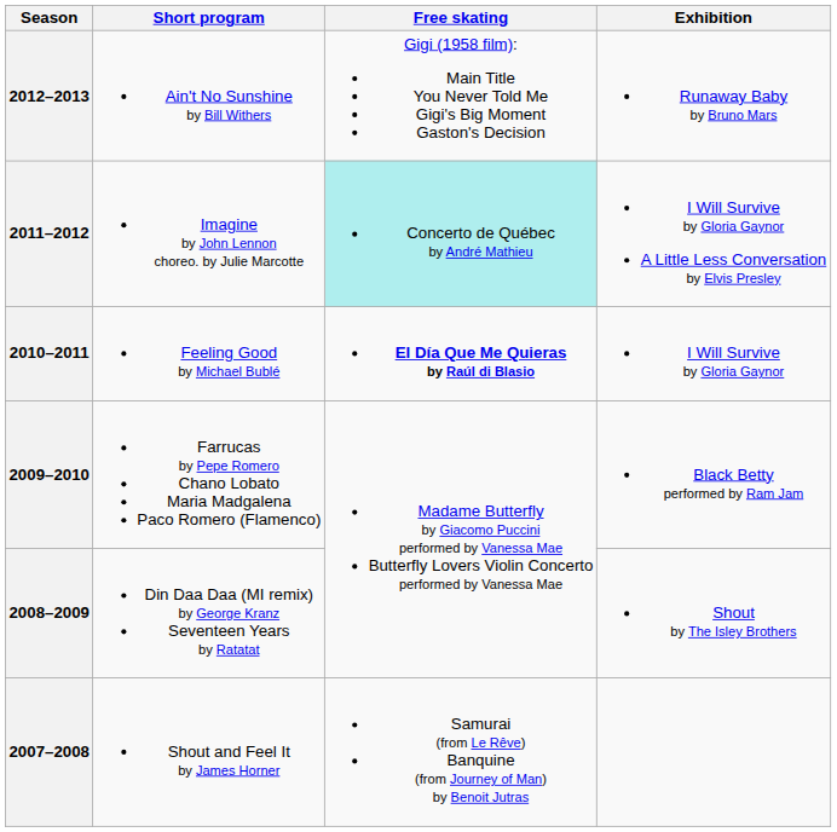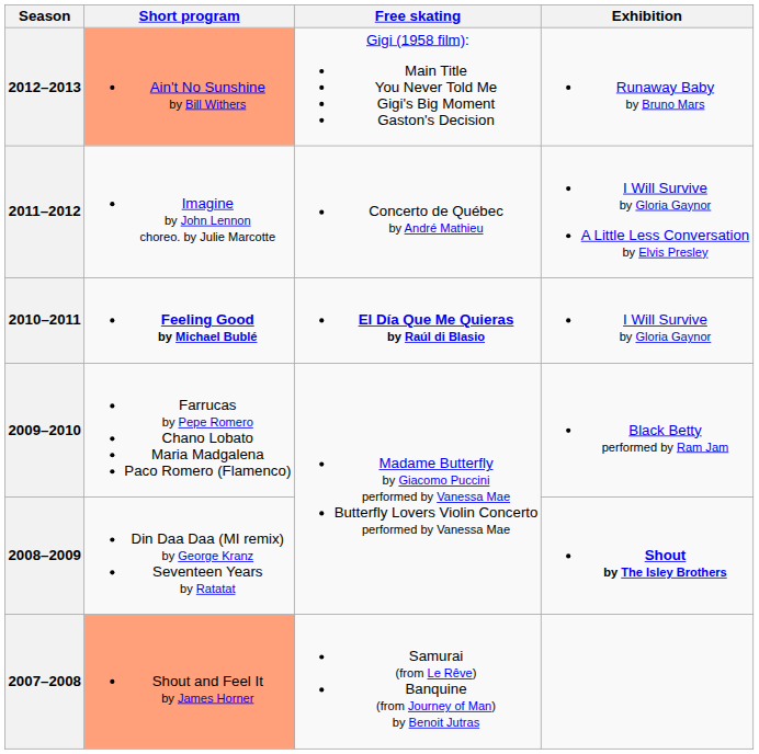 <table class="wikitable" style="text-align:center">
 <tr>
 <th>Season</th>
 <th><a href='#'>Short program</a></th>
 <th><a href='#'>Free skating</a></th>
 <th>Exhibition</th>
 </tr>
 <tr>
 <th>2012–2013 <br> </th>
-<td><br><ul><li><a href='#'>Ain't No Sunshine</a> <br><small> by <a href='#'>Bill Withers</a></small></li></ul></td>
+<td style="background: lightsalmon;"><br><ul><li><a href='#'>Ain't No Sunshine</a> <br><small> by <a href='#'>Bill Withers</a></small></li></ul></td>
 <td><a href='#'>Gigi (1958 film)</a>:<br><ul><li>Main Title</li><li>You Never Told Me</li><li>Gigi's Big Moment</li><li>Gaston's Decision</li></ul></td>
 <td><br><ul><li><a href='#'>Runaway Baby</a> <br><small> by <a href='#'>Bruno Mars</a> </small></li></ul></td>
 </tr>
 <tr>
 <th>2011–2012 <br> </th>
 <td><br><ul><li><a href='#'>Imagine</a> <br><small> by <a href='#'>John Lennon</a> <br> choreo. by Julie Marcotte </small></li></ul></td>
-<td style="background: paleturquoise;"><br><ul><li>Concerto de Québec <br><small> by <a href='#'>André Mathieu</a> </small></li></ul></td>
+<td><br><ul><li>Concerto de Québec <br><small> by <a href='#'>André Mathieu</a> </small></li></ul></td>
 <td><br><ul><li><a href='#'>I Will Survive</a> <br><small> by <a href='#'>Gloria Gaynor</a> </small></li></ul><ul><li><a href='#'>A Little Less Conversation</a> <br><small> by <a href='#'>Elvis Presley</a> </small></li></ul></td>
 </tr>
 <tr>
 <th>2010–2011 <br> </th>
-<td><br><ul><li><a href='#'>Feeling Good</a> <br><small> by <a href='#'>Michael Bublé</a> </small></li></ul></td>
+<td><strong><br><ul><li><a href='#'>Feeling Good</a> <br><small> by <a href='#'>Michael Bublé</a> </small></li></ul></strong></td>
 <td><strong><br><ul><li><a href='#'>El Día Que Me Quieras</a> <br><small> by <a href='#'>Raúl di Blasio</a> </small></li></ul></strong></td>
 <td><br><ul><li><a href='#'>I Will Survive</a> <br><small> by <a href='#'>Gloria Gaynor</a> </small></li></ul></td>
 </tr>
 <tr>
 <th>2009–2010 <br> </th>
 <td><br><ul><li>Farrucas <br><small> by <a href='#'>Pepe Romero</a> </small></li><li>Chano Lobato</li><li>Maria Madgalena</li><li>Paco Romero (Flamenco)</li></ul></td>
 <td rowspan=2><br><ul><li><a href='#'>Madame Butterfly</a> <br><small> by <a href='#'>Giacomo Puccini</a> <br> performed by <a href='#'>Vanessa Mae</a></small></li><li>Butterfly Lovers Violin Concerto <br><small> performed by Vanessa Mae  </small></li></ul></td>
 <td><br><ul><li><a href='#'>Black Betty</a> <br><small> performed by <a href='#'>Ram Jam</a> </small></li></ul></td>
 </tr>
 <tr>
 <th>2008–2009 <br> </th>
 <td><br><ul><li>Din Daa Daa (MI remix) <br><small> by <a href='#'>George Kranz</a> </small></li><li>Seventeen Years <br><small> by <a href='#'>Ratatat</a> </small></li></ul></td>
-<td><br><ul><li><a href='#'>Shout</a> <br><small> by <a href='#'>The Isley Brothers</a> </small></li></ul></td>
+<td><strong><br><ul><li><a href='#'>Shout</a> <br><small> by <a href='#'>The Isley Brothers</a> </small></li></ul></strong></td>
 </tr>
 <tr>
 <th>2007–2008 <br> </th>
-<td><br><ul><li>Shout and Feel It <br><small> by <a href='#'>James Horner</a> </small></li></ul></td>
+<td style="background: lightsalmon;"><br><ul><li>Shout and Feel It <br><small> by <a href='#'>James Horner</a> </small></li></ul></td>
 <td><br><ul><li>Samurai <br><small> (from <a href='#'>Le Rêve</a>) </small></li><li>Banquine <br><small> (from <a href='#'>Journey of Man</a>) <br> by <a href='#'>Benoit Jutras</a> </small></li></ul></td>
 <td></td>
 </tr>
 </table>
